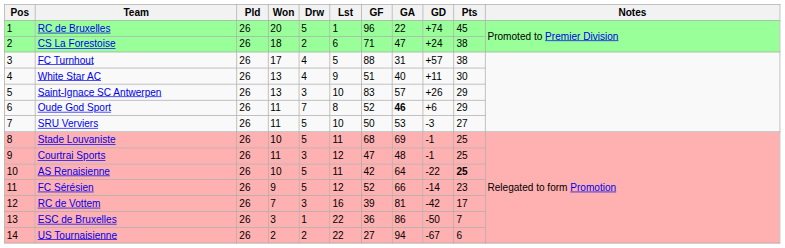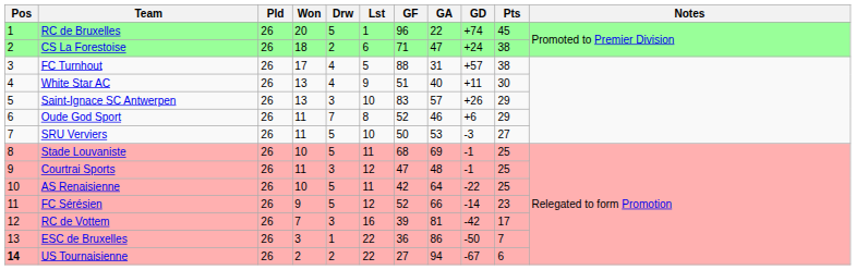 <table class="wikitable" width=70% style="font-size:90%">
 <tr>
 <th width=4%><strong>Pos</strong></th>
 <th width=26%><strong>Team</strong></th>
 <th width=4%><strong>Pld</strong></th>
 <th width=4%><strong>Won</strong></th>
 <th width=4%><strong>Drw</strong></th>
 <th width=4%><strong>Lst</strong></th>
 <th width=4%><strong>GF</strong></th>
 <th width=4%><strong>GA</strong></th>
 <th width=4%><strong>GD</strong></th>
 <th width=4%><strong>Pts</strong></th>
 <th width=38%><strong>Notes</strong></th>
 </tr>
 <tr bgcolor=#99ff99>
 <td>1</td>
 <td><a href='#'>RC de Bruxelles</a></td>
 <td>26</td>
 <td>20</td>
 <td>5</td>
 <td>1</td>
 <td>96</td>
 <td>22</td>
 <td>+74</td>
 <td>45</td>
 <td rowspan=2>Promoted to <a href='#'>Premier Division</a></td>
 </tr>
 <tr bgcolor=#99ff99>
 <td>2</td>
 <td><a href='#'>CS La Forestoise</a></td>
 <td>26</td>
 <td>18</td>
 <td>2</td>
 <td>6</td>
 <td>71</td>
 <td>47</td>
 <td>+24</td>
 <td>38</td>
 </tr>
 <tr>
 <td>3</td>
 <td><a href='#'>FC Turnhout</a></td>
 <td>26</td>
 <td>17</td>
 <td>4</td>
 <td>5</td>
 <td>88</td>
 <td>31</td>
 <td>+57</td>
 <td>38</td>
 </tr>
 <tr>
 <td>4</td>
 <td><a href='#'>White Star AC</a></td>
 <td>26</td>
 <td>13</td>
 <td>4</td>
 <td>9</td>
 <td>51</td>
 <td>40</td>
 <td>+11</td>
 <td>30</td>
 </tr>
 <tr>
 <td>5</td>
 <td><a href='#'>Saint-Ignace SC Antwerpen</a></td>
 <td>26</td>
 <td>13</td>
 <td>3</td>
 <td>10</td>
 <td>83</td>
 <td>57</td>
 <td>+26</td>
 <td>29</td>
 </tr>
 <tr>
 <td>6</td>
 <td><a href='#'>Oude God Sport</a></td>
 <td>26</td>
 <td>11</td>
 <td>7</td>
 <td>8</td>
 <td>52</td>
-<td><strong>46</strong></td>
+<td>46</td>
 <td>+6</td>
 <td>29</td>
 </tr>
 <tr>
 <td>7</td>
 <td><a href='#'>SRU Verviers</a></td>
 <td>26</td>
 <td>11</td>
 <td>5</td>
 <td>10</td>
 <td>50</td>
 <td>53</td>
 <td>-3</td>
 <td>27</td>
 </tr>
 <tr bgcolor=#ffb0b0>
 <td>8</td>
 <td><a href='#'>Stade Louvaniste</a></td>
 <td>26</td>
 <td>10</td>
 <td>5</td>
 <td>11</td>
 <td>68</td>
 <td>69</td>
 <td>-1</td>
 <td>25</td>
 <td rowspan=7>Relegated to form <a href='#'>Promotion</a></td>
 </tr>
 <tr bgcolor=#ffb0b0>
 <td>9</td>
 <td><a href='#'>Courtrai Sports</a></td>
 <td>26</td>
 <td>11</td>
 <td>3</td>
 <td>12</td>
 <td>47</td>
 <td>48</td>
 <td>-1</td>
 <td>25</td>
 </tr>
 <tr bgcolor=#ffb0b0>
 <td>10</td>
 <td><a href='#'>AS Renaisienne</a></td>
 <td>26</td>
 <td>10</td>
 <td>5</td>
 <td>11</td>
 <td>42</td>
 <td>64</td>
 <td>-22</td>
-<td><strong>25</strong></td>
+<td>25</td>
 </tr>
 <tr bgcolor=#ffb0b0>
 <td>11</td>
 <td><a href='#'>FC Sérésien</a></td>
 <td>26</td>
 <td>9</td>
 <td>5</td>
 <td>12</td>
 <td>52</td>
 <td>66</td>
 <td>-14</td>
 <td>23</td>
 </tr>
 <tr bgcolor=#ffb0b0>
 <td>12</td>
 <td><a href='#'>RC de Vottem</a></td>
 <td>26</td>
 <td>7</td>
 <td>3</td>
 <td>16</td>
 <td>39</td>
 <td>81</td>
 <td>-42</td>
 <td>17</td>
 </tr>
 <tr bgcolor=#ffb0b0>
 <td>13</td>
 <td><a href='#'>ESC de Bruxelles</a></td>
 <td>26</td>
 <td>3</td>
 <td>1</td>
 <td>22</td>
 <td>36</td>
 <td>86</td>
 <td>-50</td>
 <td>7</td>
 </tr>
 <tr bgcolor=#ffb0b0>
-<td>14</td>
+<td><strong>14</strong></td>
 <td><a href='#'>US Tournaisienne</a></td>
 <td>26</td>
 <td>2</td>
 <td>2</td>
 <td>22</td>
 <td>27</td>
 <td>94</td>
 <td>-67</td>
 <td>6</td>
 </tr>
 </table>
